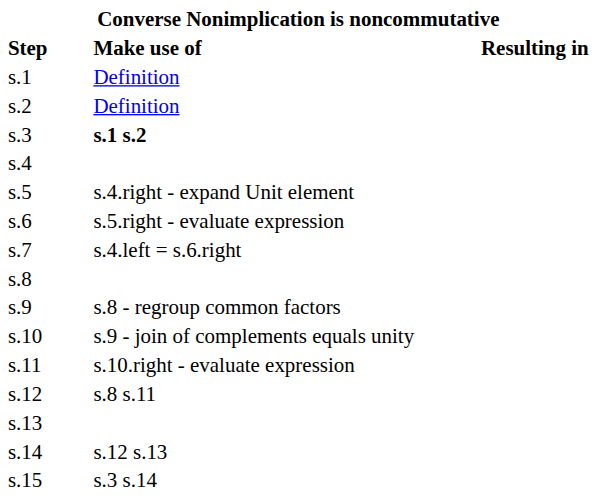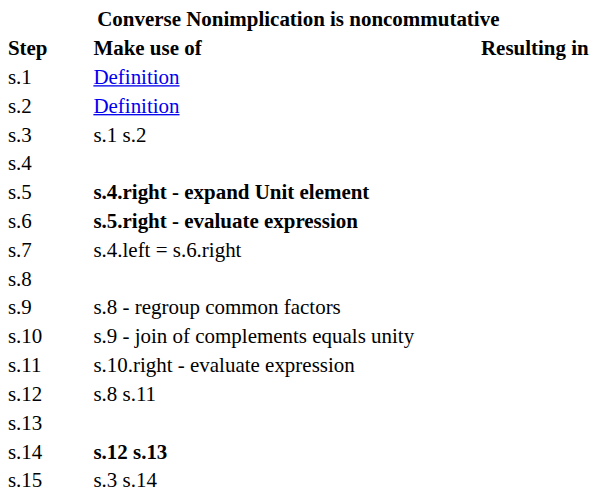 <table style="background-color:white;">
 <tr>
 <th colspan="5">Converse Nonimplication is noncommutative</th>
 </tr>
 <tr>
 <th style="padding-right: 2em;">Step</th>
 <th style="text-align: left;">Make use of</th>
 <th colspan="3">Resulting in</th>
 </tr>
 <tr>
 <td>s.1</td>
 <td><a href='#'>Definition</a></td>
 <td colspan="3"></td>
 </tr>
 <tr>
 <td>s.2</td>
 <td><a href='#'>Definition</a></td>
 <td colspan="3"></td>
 </tr>
 <tr>
 <td>s.3</td>
-<td><strong>s.1 s.2</strong></td>
+<td>s.1 s.2</td>
 <td colspan="3"></td>
 </tr>
 <tr>
 <td>s.4</td>
 <td></td>
 <td></td>
 <td></td>
 <td></td>
 </tr>
 <tr>
 <td>s.5</td>
-<td>s.4.right - expand Unit element</td>
+<td><strong>s.4.right - expand Unit element</strong></td>
 <td></td>
 <td></td>
 <td></td>
 </tr>
 <tr>
 <td>s.6</td>
-<td>s.5.right - evaluate expression</td>
+<td><strong>s.5.right - evaluate expression</strong></td>
 <td></td>
 <td></td>
 <td></td>
 </tr>
 <tr>
 <td>s.7</td>
 <td>s.4.left = s.6.right</td>
 <td colspan="3"></td>
 </tr>
 <tr>
 <td>s.8</td>
 <td></td>
 <td></td>
 <td></td>
 <td></td>
 </tr>
 <tr>
 <td>s.9</td>
 <td>s.8  - regroup common factors</td>
 <td></td>
 <td></td>
 <td></td>
 </tr>
 <tr>
 <td>s.10</td>
 <td style="padding-right: 3em;">s.9  - join of complements equals unity</td>
 <td></td>
 <td></td>
 <td></td>
 </tr>
 <tr>
 <td>s.11</td>
 <td>s.10.right - evaluate expression</td>
 <td></td>
 <td></td>
 <td></td>
 </tr>
 <tr>
 <td>s.12</td>
 <td>s.8 s.11</td>
 <td colspan="3"></td>
 </tr>
 <tr>
 <td>s.13</td>
 <td></td>
 <td colspan="3"></td>
 </tr>
 <tr>
 <td>s.14</td>
-<td>s.12 s.13</td>
+<td><strong>s.12 s.13</strong></td>
 <td colspan="3"></td>
 </tr>
 <tr>
 <td>s.15</td>
 <td>s.3 s.14</td>
 <td colspan="3"></td>
 </tr>
 <tr>
 </tr>
 </table>
